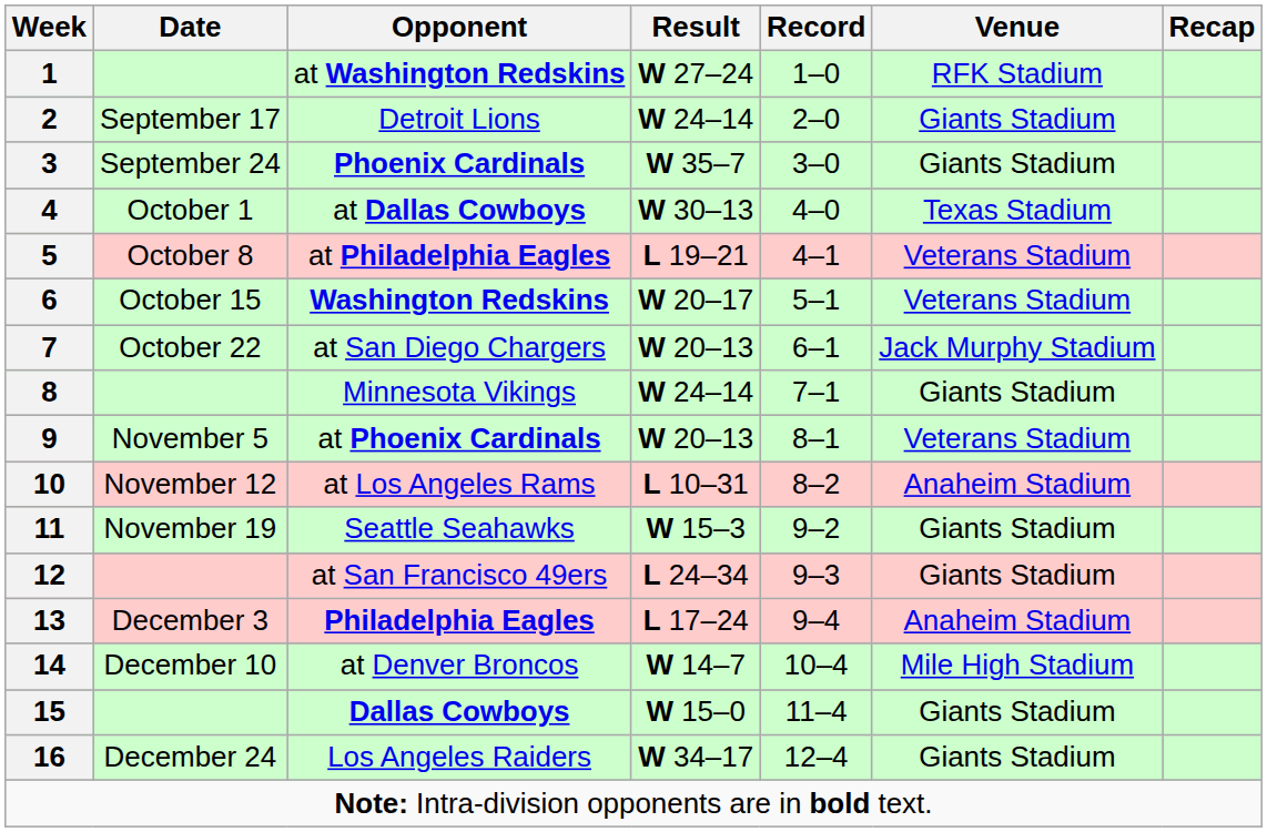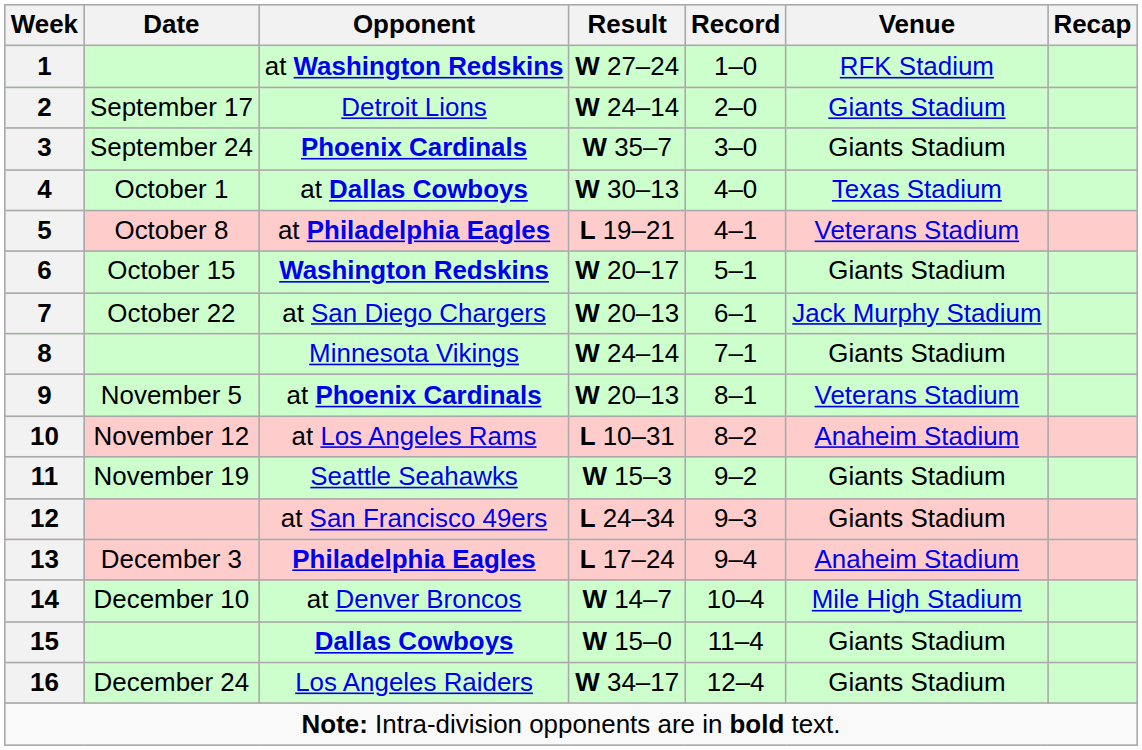 <table class="wikitable" style="text-align:center">
 <tr>
 <th>Week</th>
 <th>Date</th>
 <th>Opponent</th>
 <th>Result</th>
 <th>Record</th>
 <th>Venue</th>
 <th>Recap</th>
 </tr>
 <tr style="background:#cfc">
 <th>1</th>
 <td></td>
 <td>at <strong><a href='#'>Washington Redskins</a></strong></td>
 <td><strong>W</strong> 27–24</td>
 <td>1–0</td>
 <td><a href='#'>RFK Stadium</a></td>
 <td></td>
 </tr>
 <tr style="background:#cfc">
 <th>2</th>
 <td>September 17</td>
 <td><a href='#'>Detroit Lions</a></td>
 <td><strong>W</strong> 24–14</td>
 <td>2–0</td>
 <td><a href='#'>Giants Stadium</a></td>
 <td></td>
 </tr>
 <tr style="background:#cfc">
 <th>3</th>
 <td>September 24</td>
 <td><strong><a href='#'>Phoenix Cardinals</a></strong></td>
 <td><strong>W</strong> 35–7</td>
 <td>3–0</td>
 <td>Giants Stadium</td>
 <td></td>
 </tr>
 <tr style="background:#cfc">
 <th>4</th>
 <td>October 1</td>
 <td>at <strong><a href='#'>Dallas Cowboys</a></strong></td>
 <td><strong>W</strong> 30–13</td>
 <td>4–0</td>
 <td><a href='#'>Texas Stadium</a></td>
 <td></td>
 </tr>
 <tr style="background:#fcc">
 <th>5</th>
 <td>October 8</td>
 <td>at <strong><a href='#'>Philadelphia Eagles</a></strong></td>
 <td><strong>L</strong> 19–21</td>
 <td>4–1</td>
 <td><a href='#'>Veterans Stadium</a></td>
 <td></td>
 </tr>
 <tr style="background:#cfc">
 <th>6</th>
 <td>October 15</td>
 <td><strong><a href='#'>Washington Redskins</a></strong></td>
 <td><strong>W</strong> 20–17</td>
 <td>5–1</td>
-<td><a href='#'>Veterans Stadium</a></td>
+<td>Giants Stadium</td>
 <td></td>
 </tr>
 <tr style="background:#cfc">
 <th>7</th>
 <td>October 22</td>
 <td>at <a href='#'>San Diego Chargers</a></td>
 <td><strong>W</strong> 20–13</td>
 <td>6–1</td>
 <td><a href='#'>Jack Murphy Stadium</a></td>
 <td></td>
 </tr>
 <tr style="background:#cfc">
 <th>8</th>
 <td></td>
 <td><a href='#'>Minnesota Vikings</a></td>
 <td><strong>W</strong> 24–14</td>
 <td>7–1</td>
 <td>Giants Stadium</td>
 <td></td>
 </tr>
 <tr style="background:#cfc">
 <th>9</th>
 <td>November 5</td>
 <td>at <strong><a href='#'>Phoenix Cardinals</a></strong></td>
 <td><strong>W</strong> 20–13</td>
 <td>8–1</td>
 <td><a href='#'>Veterans Stadium</a></td>
 <td></td>
 </tr>
 <tr style="background:#fcc">
 <th>10</th>
 <td>November 12</td>
 <td>at <a href='#'>Los Angeles Rams</a></td>
 <td><strong>L</strong> 10–31</td>
 <td>8–2</td>
 <td><a href='#'>Anaheim Stadium</a></td>
 <td></td>
 </tr>
 <tr style="background:#cfc">
 <th>11</th>
 <td>November 19</td>
 <td><a href='#'>Seattle Seahawks</a></td>
 <td><strong>W</strong> 15–3</td>
 <td>9–2</td>
 <td>Giants Stadium</td>
 <td></td>
 </tr>
 <tr style="background:#fcc">
 <th>12</th>
 <td></td>
 <td>at <a href='#'>San Francisco 49ers</a></td>
 <td><strong>L</strong> 24–34</td>
 <td>9–3</td>
 <td>Giants Stadium</td>
 <td></td>
 </tr>
 <tr style="background:#fcc">
 <th>13</th>
 <td>December 3</td>
 <td><strong><a href='#'>Philadelphia Eagles</a></strong></td>
 <td><strong>L</strong> 17–24</td>
 <td>9–4</td>
 <td><a href='#'>Anaheim Stadium</a></td>
 <td></td>
 </tr>
 <tr style="background:#cfc">
 <th>14</th>
 <td>December 10</td>
 <td>at <a href='#'>Denver Broncos</a></td>
 <td><strong>W</strong> 14–7</td>
 <td>10–4</td>
 <td><a href='#'>Mile High Stadium</a></td>
 <td></td>
 </tr>
 <tr style="background:#cfc">
 <th>15</th>
 <td></td>
 <td><strong><a href='#'>Dallas Cowboys</a></strong></td>
 <td><strong>W</strong> 15–0</td>
 <td>11–4</td>
 <td>Giants Stadium</td>
 <td></td>
 </tr>
 <tr style="background:#cfc">
 <th>16</th>
 <td>December 24</td>
 <td><a href='#'>Los Angeles Raiders</a></td>
 <td><strong>W</strong> 34–17</td>
 <td>12–4</td>
 <td>Giants Stadium</td>
 <td></td>
 </tr>
 <tr>
 <td colspan="8"><strong>Note:</strong> Intra-division opponents are in <strong>bold</strong> text.</td>
 </tr>
 </table>
